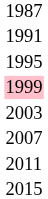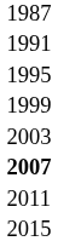 <table>
 <tr>
 <td rowspan=2>1987<br></td>
 <td rowspan=2></td>
 <td rowspan=2></td>
 <td></td>
 </tr>
 <tr>
 <td></td>
 </tr>
 <tr>
 <td rowspan=2>1991<br></td>
 <td rowspan=2></td>
 <td rowspan=2></td>
 <td></td>
 </tr>
 <tr>
 <td></td>
 </tr>
 <tr>
 <td>1995</td>
 <td></td>
 <td></td>
 <td><br></td>
 </tr>
 <tr>
-<td style="background: pink;">1999</td>
+<td>1999</td>
 <td></td>
 <td></td>
 <td><br></td>
 </tr>
 <tr>
 <td>2003</td>
 <td></td>
 <td></td>
 <td><br></td>
 </tr>
 <tr>
-<td rowspan=1>2007</td>
+<td rowspan=1><strong>2007</strong></td>
 <td></td>
 <td></td>
 <td><br></td>
 </tr>
 <tr>
 <td rowspan=2>2011<br></td>
 <td rowspan=2></td>
 <td rowspan=2></td>
 <td></td>
 </tr>
 <tr>
 <td></td>
 </tr>
 <tr>
 <td rowspan=2>2015<br></td>
 <td rowspan=2></td>
 <td rowspan=2></td>
 <td></td>
 </tr>
 <tr>
 <td></td>
 </tr>
 </table>
